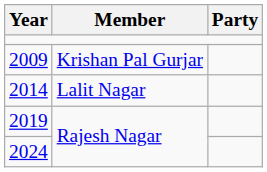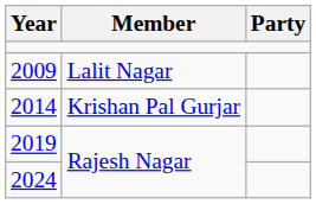 <table class="wikitable">
 <tr>
 <th>Year</th>
 <th>Member</th>
 <th colspan="2">Party</th>
 </tr>
 <tr>
 <td colspan="4"></td>
 </tr>
 <tr>
 <td><a href='#'>2009</a></td>
-<td><a href='#'>Krishan Pal Gurjar</a></td>
+<td><a href='#'>Lalit Nagar</a></td>
 <td></td>
 </tr>
 <tr>
 <td><a href='#'>2014</a></td>
-<td><a href='#'>Lalit Nagar</a></td>
+<td><a href='#'>Krishan Pal Gurjar</a></td>
 <td></td>
 </tr>
 <tr>
 <td><a href='#'>2019</a></td>
 <td rowspan="2"><a href='#'>Rajesh Nagar</a></td>
 <td></td>
 </tr>
 <tr>
 <td><a href='#'>2024</a></td>
 </tr>
 </table>
